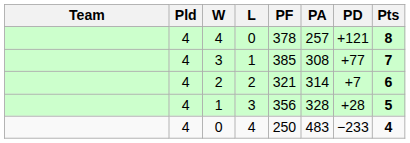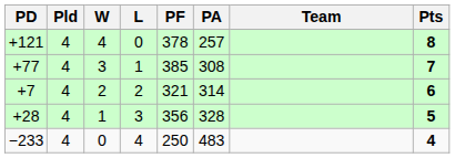 <table class=wikitable style="text-align:center">
 <tr>
-<th width=180>Team</th>
+<th width=30>PD</th>
 <th width=30>Pld</th>
 <th width=30>W</th>
 <th width=30>L</th>
 <th width=30>PF</th>
 <th width=30>PA</th>
-<th width=30>PD</th>
+<th width=180>Team</th>
 <th width=30>Pts</th>
 </tr>
 <tr bgcolor="#ccffcc">
-<td align="left"></td>
+<td>+121</td>
 <td>4</td>
 <td>4</td>
 <td>0</td>
 <td>378</td>
 <td>257</td>
-<td>+121</td>
+<td align="left"></td>
 <td><strong>8</strong></td>
 </tr>
 <tr bgcolor="#ccffcc">
-<td align="left"></td>
+<td>+77</td>
 <td>4</td>
 <td>3</td>
 <td>1</td>
 <td>385</td>
 <td>308</td>
-<td>+77</td>
+<td align="left"></td>
 <td><strong>7</strong></td>
 </tr>
 <tr bgcolor="#ccffcc">
-<td align="left"></td>
+<td>+7</td>
 <td>4</td>
 <td>2</td>
 <td>2</td>
 <td>321</td>
 <td>314</td>
-<td>+7</td>
+<td align="left"></td>
 <td><strong>6</strong></td>
 </tr>
 <tr bgcolor="#ccffcc">
-<td align="left"></td>
+<td>+28</td>
 <td>4</td>
 <td>1</td>
 <td>3</td>
 <td>356</td>
 <td>328</td>
-<td>+28</td>
+<td align="left"></td>
 <td><strong>5</strong></td>
 </tr>
 <tr>
-<td align="left"></td>
+<td>−233</td>
 <td>4</td>
 <td>0</td>
 <td>4</td>
 <td>250</td>
 <td>483</td>
-<td>−233</td>
+<td align="left"></td>
 <td><strong>4</strong></td>
 </tr>
 </table>
